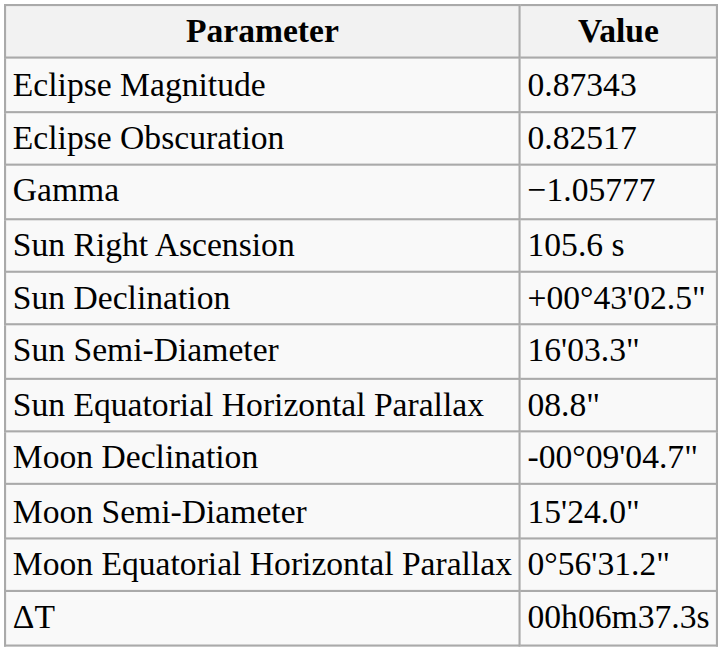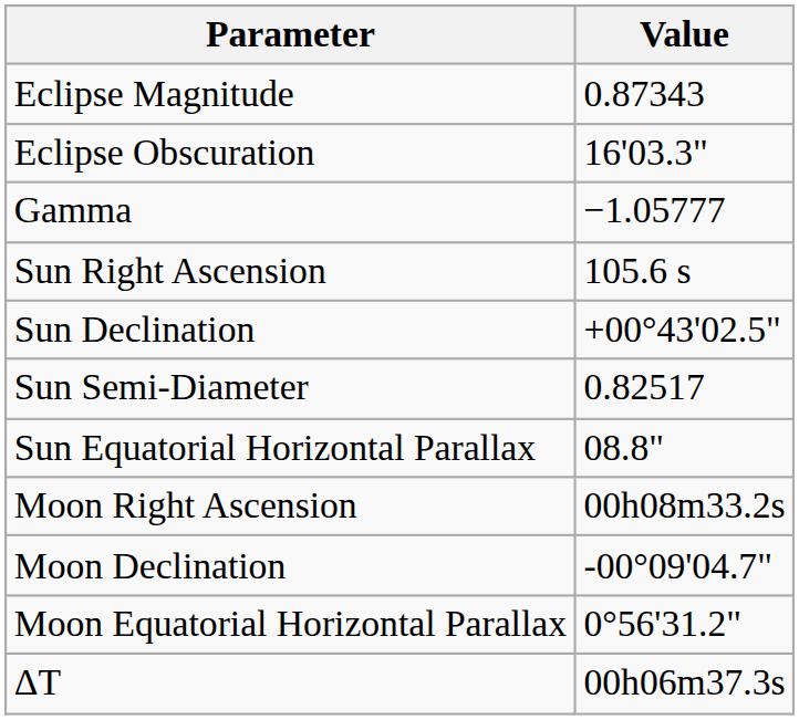 <table class="wikitable">
 <tr>
 <th>Parameter</th>
 <th>Value</th>
 </tr>
 <tr>
 <td>Eclipse Magnitude</td>
 <td>0.87343</td>
 </tr>
 <tr>
 <td>Eclipse Obscuration</td>
-<td>0.82517</td>
+<td>16'03.3"</td>
 </tr>
 <tr>
 <td>Gamma</td>
 <td>−1.05777</td>
 </tr>
 <tr>
 <td>Sun Right Ascension</td>
 <td>105.6 s</td>
 </tr>
 <tr>
 <td>Sun Declination</td>
 <td>+00°43'02.5"</td>
 </tr>
 <tr>
 <td>Sun Semi-Diameter</td>
-<td>16'03.3"</td>
+<td>0.82517</td>
 </tr>
 <tr>
 <td>Sun Equatorial Horizontal Parallax</td>
 <td>08.8"</td>
 </tr>
 <tr>
+<td>Moon Right Ascension</td>
+<td>00h08m33.2s</td>
+</tr>
+<tr>
 <td>Moon Declination</td>
 <td>-00°09'04.7"</td>
-</tr>
-<tr>
-<td>Moon Semi-Diameter</td>
-<td>15'24.0"</td>
 </tr>
 <tr>
 <td>Moon Equatorial Horizontal Parallax</td>
 <td>0°56'31.2"</td>
 </tr>
 <tr>
 <td>ΔT</td>
 <td>00h06m37.3s</td>
 </tr>
 </table>
